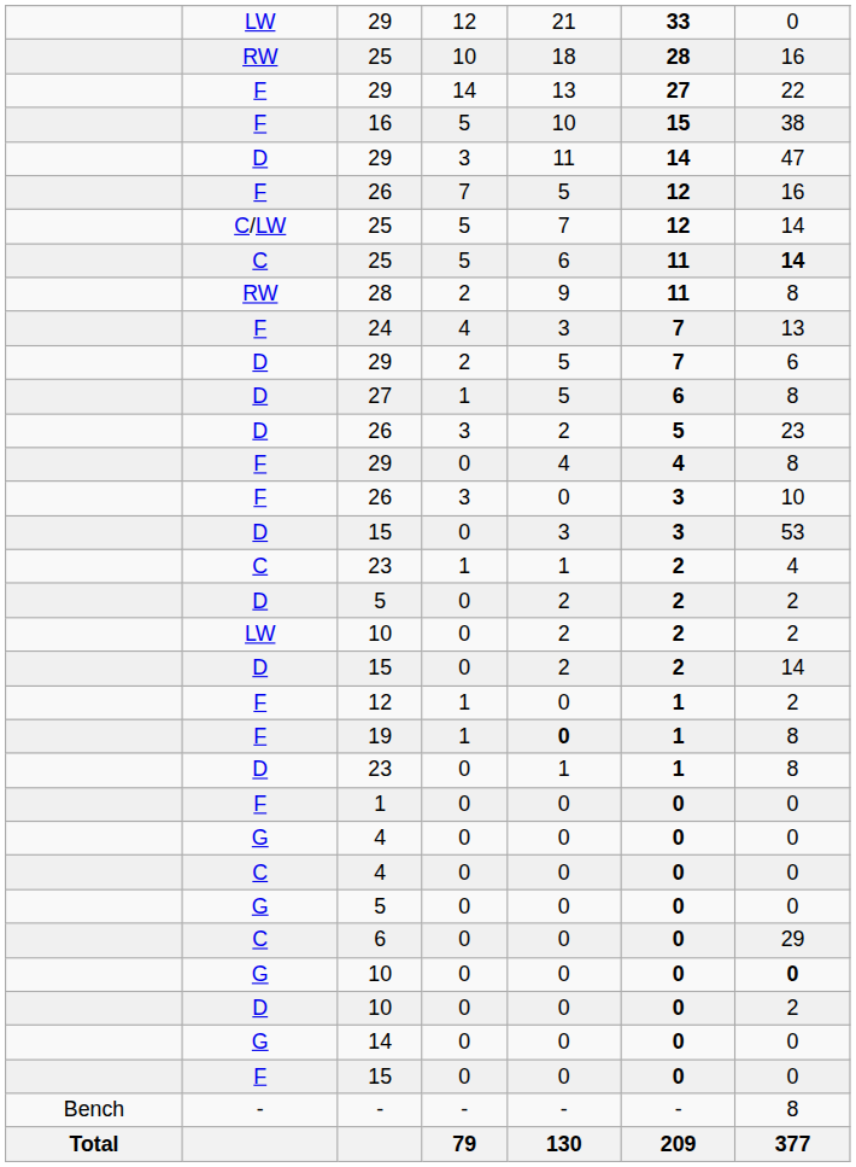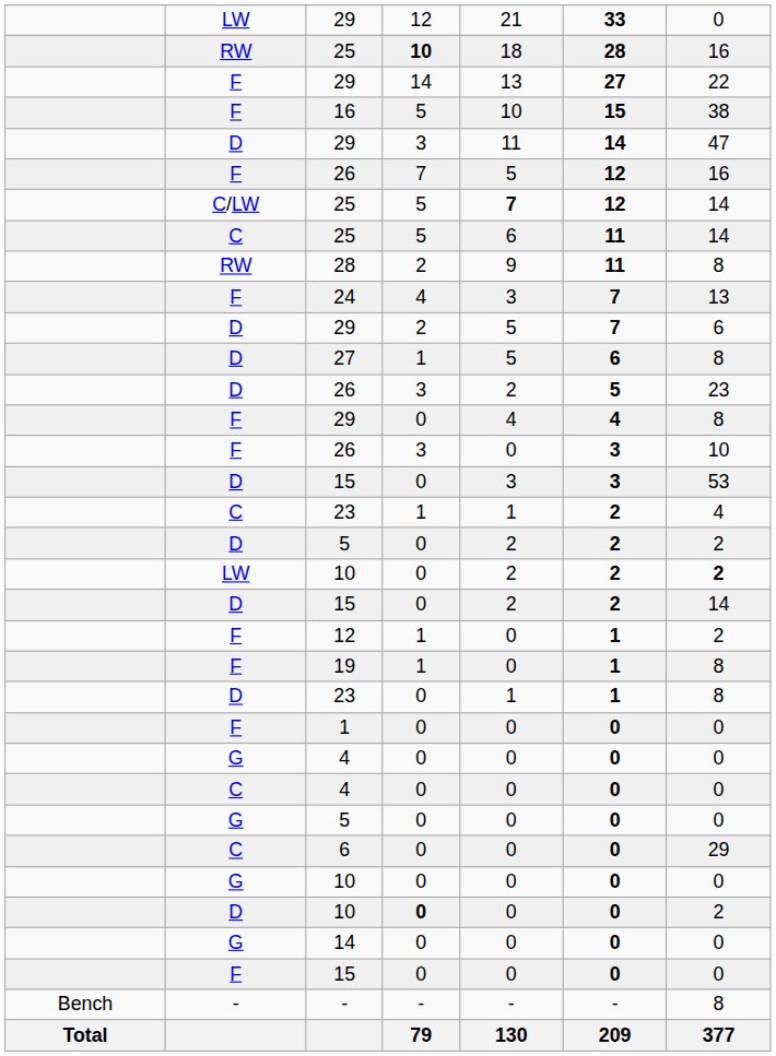 <table class="wikitable sortable" width ="50%">
 <tr align="center">
 </tr>
 <tr align="center" bgcolor="">
 <td></td>
 <td><a href='#'>LW</a></td>
 <td>29</td>
 <td>12</td>
 <td>21</td>
 <td><strong>33</strong></td>
 <td>0</td>
 </tr>
 <tr align="center" bgcolor="f0f0f0">
 <td></td>
 <td><a href='#'>RW</a></td>
 <td>25</td>
-<td>10</td>
+<td><strong>10</strong></td>
 <td>18</td>
 <td><strong>28</strong></td>
 <td>16</td>
 </tr>
 <tr align="center" bgcolor="">
 <td></td>
 <td><a href='#'>F</a></td>
 <td>29</td>
 <td>14</td>
 <td>13</td>
 <td><strong>27</strong></td>
 <td>22</td>
 </tr>
 <tr align="center" bgcolor="f0f0f0">
 <td></td>
 <td><a href='#'>F</a></td>
 <td>16</td>
 <td>5</td>
 <td>10</td>
 <td><strong>15</strong></td>
 <td>38</td>
 </tr>
 <tr align="center" bgcolor="">
 <td></td>
 <td><a href='#'>D</a></td>
 <td>29</td>
 <td>3</td>
 <td>11</td>
 <td><strong>14</strong></td>
 <td>47</td>
 </tr>
 <tr align="center" bgcolor="f0f0f0">
 <td></td>
 <td><a href='#'>F</a></td>
 <td>26</td>
 <td>7</td>
 <td>5</td>
 <td><strong>12</strong></td>
 <td>16</td>
 </tr>
 <tr align="center" bgcolor="">
 <td></td>
 <td><a href='#'>C</a>/<a href='#'>LW</a></td>
 <td>25</td>
 <td>5</td>
-<td>7</td>
+<td><strong>7</strong></td>
 <td><strong>12</strong></td>
 <td>14</td>
 </tr>
 <tr align="center" bgcolor="f0f0f0">
 <td></td>
 <td><a href='#'>C</a></td>
 <td>25</td>
 <td>5</td>
 <td>6</td>
 <td><strong>11</strong></td>
-<td><strong>14</strong></td>
+<td>14</td>
 </tr>
 <tr align="center" bgcolor="">
 <td></td>
 <td><a href='#'>RW</a></td>
 <td>28</td>
 <td>2</td>
 <td>9</td>
 <td><strong>11</strong></td>
 <td>8</td>
 </tr>
 <tr align="center" bgcolor="f0f0f0">
 <td></td>
 <td><a href='#'>F</a></td>
 <td>24</td>
 <td>4</td>
 <td>3</td>
 <td><strong>7</strong></td>
 <td>13</td>
 </tr>
 <tr align="center" bgcolor="">
 <td></td>
 <td><a href='#'>D</a></td>
 <td>29</td>
 <td>2</td>
 <td>5</td>
 <td><strong>7</strong></td>
 <td>6</td>
 </tr>
 <tr align="center" bgcolor="f0f0f0">
 <td></td>
 <td><a href='#'>D</a></td>
 <td>27</td>
 <td>1</td>
 <td>5</td>
 <td><strong>6</strong></td>
 <td>8</td>
 </tr>
 <tr align="center" bgcolor="">
 <td></td>
 <td><a href='#'>D</a></td>
 <td>26</td>
 <td>3</td>
 <td>2</td>
 <td><strong>5</strong></td>
 <td>23</td>
 </tr>
 <tr align="center" bgcolor="f0f0f0">
 <td></td>
 <td><a href='#'>F</a></td>
 <td>29</td>
 <td>0</td>
 <td>4</td>
 <td><strong>4</strong></td>
 <td>8</td>
 </tr>
 <tr align="center" bgcolor="">
 <td></td>
 <td><a href='#'>F</a></td>
 <td>26</td>
 <td>3</td>
 <td>0</td>
 <td><strong>3</strong></td>
 <td>10</td>
 </tr>
 <tr align="center" bgcolor="f0f0f0">
 <td></td>
 <td><a href='#'>D</a></td>
 <td>15</td>
 <td>0</td>
 <td>3</td>
 <td><strong>3</strong></td>
 <td>53</td>
 </tr>
 <tr align="center" bgcolor="">
 <td></td>
 <td><a href='#'>C</a></td>
 <td>23</td>
 <td>1</td>
 <td>1</td>
 <td><strong>2</strong></td>
 <td>4</td>
 </tr>
 <tr align="center" bgcolor="f0f0f0">
 <td></td>
 <td><a href='#'>D</a></td>
 <td>5</td>
 <td>0</td>
 <td>2</td>
 <td><strong>2</strong></td>
 <td>2</td>
 </tr>
 <tr align="center" bgcolor="">
 <td></td>
 <td><a href='#'>LW</a></td>
 <td>10</td>
 <td>0</td>
 <td>2</td>
 <td><strong>2</strong></td>
-<td>2</td>
+<td><strong>2</strong></td>
 </tr>
 <tr align="center" bgcolor="f0f0f0">
 <td></td>
 <td><a href='#'>D</a></td>
 <td>15</td>
 <td>0</td>
 <td>2</td>
 <td><strong>2</strong></td>
 <td>14</td>
 </tr>
 <tr align="center" bgcolor="">
 <td></td>
 <td><a href='#'>F</a></td>
 <td>12</td>
 <td>1</td>
 <td>0</td>
 <td><strong>1</strong></td>
 <td>2</td>
 </tr>
 <tr align="center" bgcolor="f0f0f0">
 <td></td>
 <td><a href='#'>F</a></td>
 <td>19</td>
 <td>1</td>
-<td><strong>0</strong></td>
+<td>0</td>
 <td><strong>1</strong></td>
 <td>8</td>
 </tr>
 <tr align="center" bgcolor="">
 <td></td>
 <td><a href='#'>D</a></td>
 <td>23</td>
 <td>0</td>
 <td>1</td>
 <td><strong>1</strong></td>
 <td>8</td>
 </tr>
 <tr align="center" bgcolor="f0f0f0">
 <td></td>
 <td><a href='#'>F</a></td>
 <td>1</td>
 <td>0</td>
 <td>0</td>
 <td><strong>0</strong></td>
 <td>0</td>
 </tr>
 <tr align="center" bgcolor="">
 <td></td>
 <td><a href='#'>G</a></td>
 <td>4</td>
 <td>0</td>
 <td>0</td>
 <td><strong>0</strong></td>
 <td>0</td>
 </tr>
 <tr align="center" bgcolor="f0f0f0">
 <td></td>
 <td><a href='#'>C</a></td>
 <td>4</td>
 <td>0</td>
 <td>0</td>
 <td><strong>0</strong></td>
 <td>0</td>
 </tr>
 <tr align="center" bgcolor="">
 <td></td>
 <td><a href='#'>G</a></td>
 <td>5</td>
 <td>0</td>
 <td>0</td>
 <td><strong>0</strong></td>
 <td>0</td>
 </tr>
 <tr align="center" bgcolor="f0f0f0">
 <td></td>
 <td><a href='#'>C</a></td>
 <td>6</td>
 <td>0</td>
 <td>0</td>
 <td><strong>0</strong></td>
 <td>29</td>
 </tr>
 <tr align="center" bgcolor="">
 <td></td>
 <td><a href='#'>G</a></td>
 <td>10</td>
 <td>0</td>
 <td>0</td>
 <td><strong>0</strong></td>
-<td><strong>0</strong></td>
+<td>0</td>
 </tr>
 <tr align="center" bgcolor="f0f0f0">
 <td></td>
 <td><a href='#'>D</a></td>
 <td>10</td>
-<td>0</td>
+<td><strong>0</strong></td>
 <td>0</td>
 <td><strong>0</strong></td>
 <td>2</td>
 </tr>
 <tr align="center" bgcolor="">
 <td></td>
 <td><a href='#'>G</a></td>
 <td>14</td>
 <td>0</td>
 <td>0</td>
 <td><strong>0</strong></td>
 <td>0</td>
 </tr>
 <tr align="center" bgcolor="f0f0f0">
 <td></td>
 <td><a href='#'>F</a></td>
 <td>15</td>
 <td>0</td>
 <td>0</td>
 <td><strong>0</strong></td>
 <td>0</td>
 </tr>
 <tr align="center" bgcolor="">
 <td>Bench</td>
 <td>-</td>
 <td>-</td>
 <td>-</td>
 <td>-</td>
 <td>-</td>
 <td>8</td>
 </tr>
 <tr>
 <th>Total</th>
 <th></th>
 <th></th>
 <th>79</th>
 <th>130</th>
 <th>209</th>
 <th>377</th>
 </tr>
 </table>
